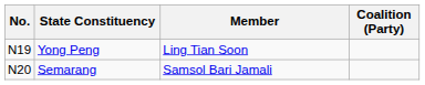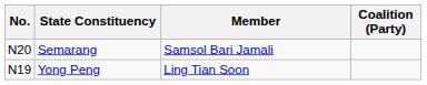 <table class="wikitable sortable">
 <tr>
 <th width="30">No.</th>
 <th width="150">State Constituency</th>
 <th width="230">Member</th>
 <th width="80">Coalition (Party)</th>
 </tr>
 <tr>
+<td>N20</td>
+<td><a href='#'>Semarang</a></td>
+<td><a href='#'>Samsol Bari Jamali</a></td>
+<td></td>
+</tr>
+<tr>
 <td>N19</td>
 <td><a href='#'>Yong Peng</a></td>
 <td><a href='#'>Ling Tian Soon</a></td>
 <td></td>
 </tr>
-<tr>
-<td>N20</td>
-<td><a href='#'>Semarang</a></td>
-<td><a href='#'>Samsol Bari Jamali</a></td>
-<td></td>
-</tr>
 </table>
